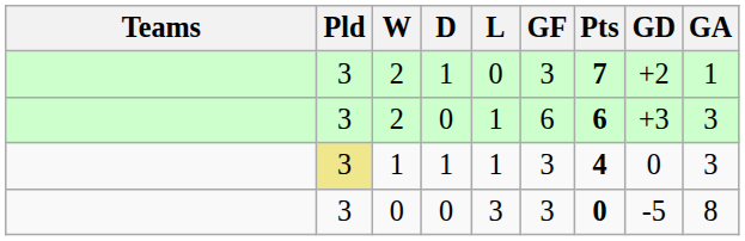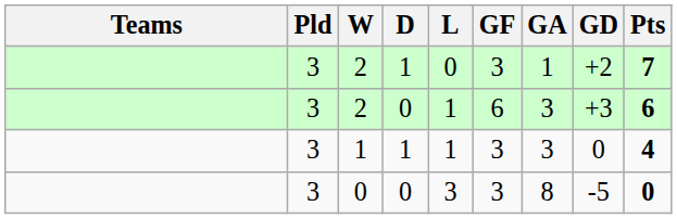 <table class="wikitable" style="text-align: center;">
 <tr>
 <th width=165>Teams</th>
 <th width=20>Pld</th>
 <th width=20>W</th>
 <th width=20>D</th>
 <th width=20>L</th>
 <th width=20>GF</th>
+<th width=20>GA</th>
+<th width=20>GD</th>
 <th width=20>Pts</th>
-<th width=20>GD</th>
-<th width=20>GA</th>
 </tr>
 <tr align=center style="background:#ccffcc;">
 <td style="text-align:left;"></td>
 <td>3</td>
 <td>2</td>
 <td>1</td>
 <td>0</td>
 <td>3</td>
+<td>1</td>
+<td>+2</td>
 <td><strong>7</strong></td>
-<td>+2</td>
-<td>1</td>
 </tr>
 <tr align=center style="background:#ccffcc;">
 <td style="text-align:left;"></td>
 <td>3</td>
 <td>2</td>
 <td>0</td>
 <td>1</td>
 <td>6</td>
+<td>3</td>
+<td>+3</td>
 <td><strong>6</strong></td>
-<td>+3</td>
-<td>3</td>
 </tr>
 <tr align=center>
 <td style="text-align:left;"></td>
-<td style="background: khaki;">3</td>
+<td>3</td>
 <td>1</td>
 <td>1</td>
 <td>1</td>
 <td>3</td>
+<td>3</td>
+<td>0</td>
 <td><strong>4</strong></td>
-<td>0</td>
-<td>3</td>
 </tr>
 <tr align=center>
 <td style="text-align:left;"></td>
 <td>3</td>
 <td>0</td>
 <td>0</td>
 <td>3</td>
 <td>3</td>
+<td>8</td>
+<td>-5</td>
 <td><strong>0</strong></td>
-<td>-5</td>
-<td>8</td>
 </tr>
 </table>
